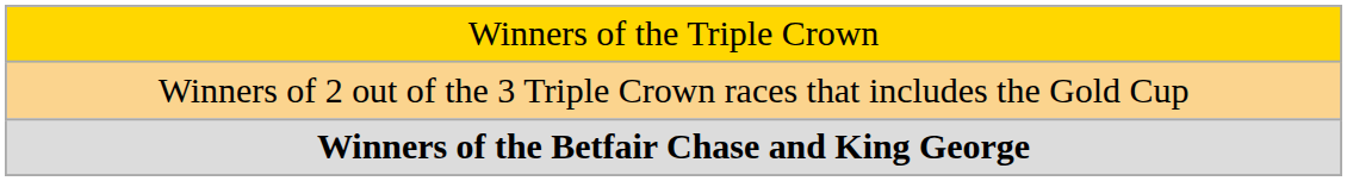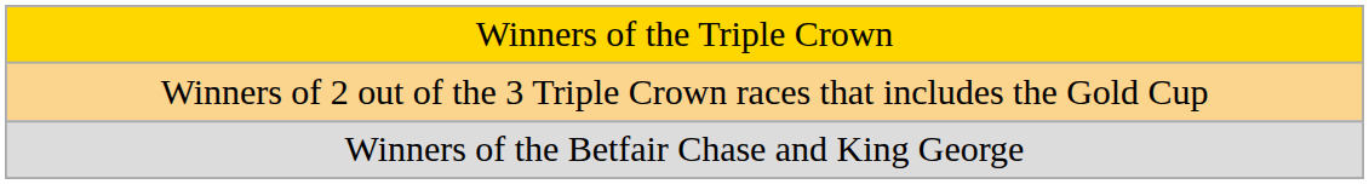 <table class="wikitable" width="600px">
 <tr>
 <td style="background-color:gold; width:7%; text-align:center;">Winners of the Triple Crown</td>
 </tr>
 <tr>
 <td style="background-color:#FBD48E; text-align:center;">Winners of 2 out of the 3 Triple Crown races that includes the Gold Cup</td>
 </tr>
 <tr>
-<td style="background-color:#DCDCDC; text-align:center;"><strong>Winners of the Betfair Chase and King George</strong></td>
+<td style="background-color:#DCDCDC; text-align:center;">Winners of the Betfair Chase and King George</td>
 </tr>
 </table>
